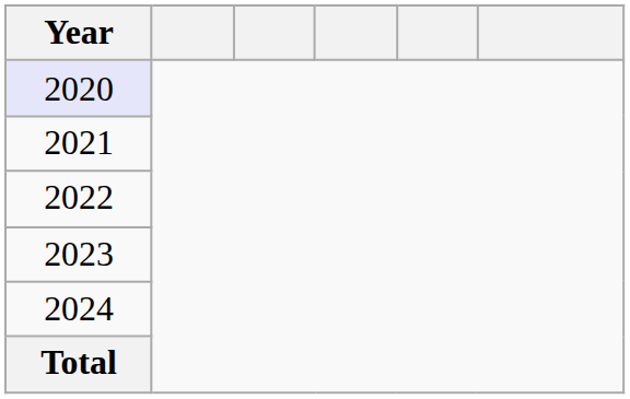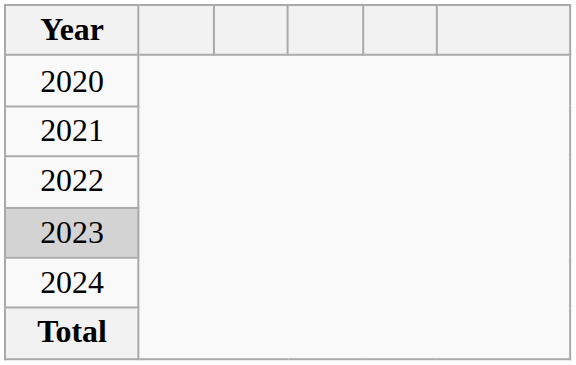 <table class="wikitable" style="text-align: center">
 <tr>
 <th width="60">Year</th>
 <th width="30"></th>
 <th width="30"></th>
 <th width="30"></th>
 <th width="30"></th>
 <th width="60"></th>
 </tr>
 <tr>
-<td style="background: lavender;">2020<br></td>
+<td>2020<br></td>
 </tr>
 <tr>
 <td>2021<br></td>
 </tr>
 <tr>
 <td>2022<br></td>
 </tr>
 <tr>
-<td>2023<br></td>
+<td style="background: lightgrey;">2023<br></td>
 </tr>
 <tr>
 <td>2024<br></td>
 </tr>
 <tr>
 <th>Total<br></th>
 </tr>
 </table>
